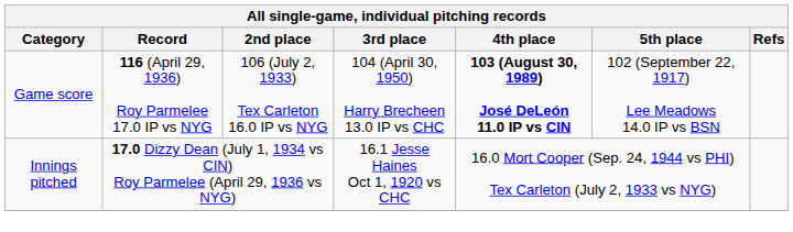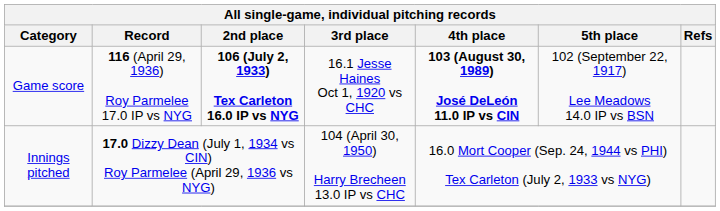 <table class="wikitable unsortable" style="text-align:center">
 <tr>
 <th colspan=7><strong>All single-game, individual pitching records</strong></th>
 </tr>
 <tr>
 <th scope="col">Category</th>
 <th scope="col">Record</th>
 <th scope="col">2nd place</th>
 <th scope="col">3rd place</th>
 <th scope="col">4th place</th>
 <th scope="col">5th place</th>
 <th scope="col">Refs</th>
 </tr>
 <tr>
 <td><a href='#'>Game score</a></td>
 <td><strong>116</strong> (April 29, <a href='#'>1936</a>)<br><br><a href='#'>Roy Parmelee</a><br>17.0 IP vs <a href='#'>NYG</a></td>
-<td>106 (July 2, <a href='#'>1933</a>)<br><br><a href='#'>Tex Carleton</a> <br>16.0 IP vs <a href='#'>NYG</a></td>
-<td>104 (April 30, <a href='#'>1950</a>)<br><br><a href='#'>Harry Brecheen</a> <br>13.0 IP vs <a href='#'>CHC</a></td>
+<td><strong>106 (July 2, <a href='#'>1933</a>)<br><br><a href='#'>Tex Carleton</a> <br>16.0 IP vs <a href='#'>NYG</a></strong></td>
+<td>16.1 <a href='#'>Jesse Haines</a><br> Oct 1, <a href='#'>1920</a> vs <a href='#'>CHC</a></td>
 <td><strong>103 (August 30, <a href='#'>1989</a>)<br><br><a href='#'>José DeLeón</a> <br>11.0 IP vs <a href='#'>CIN</a></strong></td>
 <td>102 (September 22, <a href='#'>1917</a>)<br><br><a href='#'>Lee Meadows</a> <br>14.0 IP vs <a href='#'>BSN</a></td>
 <td></td>
 </tr>
 <tr>
 <td><a href='#'>Innings pitched</a></td>
 <td colspan="2" style="text-align: center;"><strong>17.0</strong> <a href='#'>Dizzy Dean</a> (July 1, <a href='#'>1934</a> vs <a href='#'>CIN</a>)<br><a href='#'>Roy Parmelee</a> (April 29, <a href='#'>1936</a> vs <a href='#'>NYG</a>)</td>
-<td>16.1 <a href='#'>Jesse Haines</a><br> Oct 1, <a href='#'>1920</a> vs <a href='#'>CHC</a></td>
+<td>104 (April 30, <a href='#'>1950</a>)<br><br><a href='#'>Harry Brecheen</a> <br>13.0 IP vs <a href='#'>CHC</a></td>
 <td colspan="2" style="text-align: center;">16.0 <a href='#'>Mort Cooper</a> (Sep. 24, <a href='#'>1944</a> vs <a href='#'>PHI</a>)<br><br><a href='#'>Tex Carleton</a> (July 2, <a href='#'>1933</a> vs <a href='#'>NYG</a>)</td>
 <td></td>
 </tr>
 <tr>
 </tr>
 </table>
